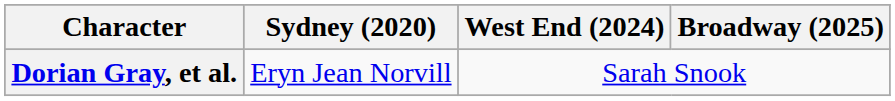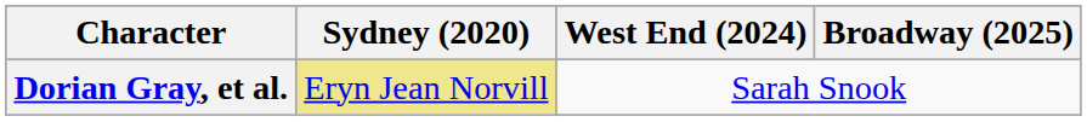 <table class="wikitable" style="width:1000;text-align:center">
 <tr>
 <th>Character</th>
 <th>Sydney (2020)</th>
 <th>West End (2024)</th>
 <th>Broadway (2025)</th>
 </tr>
 <tr>
 <th><a href='#'>Dorian Gray</a>, et al.</th>
-<td colspan="1"><a href='#'>Eryn Jean Norvill</a></td>
+<td colspan="1" style="background: khaki;"><a href='#'>Eryn Jean Norvill</a></td>
 <td colspan="2"><a href='#'>Sarah Snook</a></td>
 </tr>
 </table>
